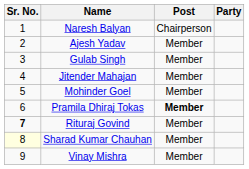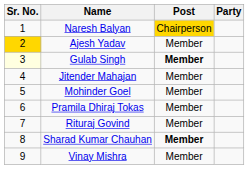 <table class="wikitable sortable">
 <tr>
 <th>Sr. No.</th>
 <th>Name</th>
 <th>Post</th>
 <th colspan="2">Party</th>
 </tr>
 <tr align="center">
 <td>1</td>
 <td><a href='#'>Naresh Balyan</a></td>
-<td>Chairperson</td>
+<td style="background: gold;">Chairperson</td>
 <td></td>
 </tr>
 <tr align="center">
-<td>2</td>
+<td style="background: gold;">2</td>
 <td><a href='#'>Ajesh Yadav</a></td>
 <td>Member</td>
 <td></td>
 </tr>
 <tr align="center">
-<td>3</td>
+<td style="background: lightyellow;">3</td>
 <td><a href='#'>Gulab Singh</a></td>
-<td>Member</td>
+<td><strong>Member</strong></td>
 <td></td>
 </tr>
 <tr align="center">
 <td>4</td>
 <td><a href='#'>Jitender Mahajan</a></td>
 <td>Member</td>
 <td></td>
 </tr>
 <tr align="center">
 <td>5</td>
 <td><a href='#'>Mohinder Goel</a></td>
 <td>Member</td>
 <td></td>
 </tr>
 <tr align="center">
 <td>6</td>
 <td><a href='#'>Pramila Dhiraj Tokas</a></td>
-<td><strong>Member</strong></td>
+<td>Member</td>
 <td></td>
 </tr>
 <tr align="center">
-<td><strong>7</strong></td>
+<td>7</td>
 <td><a href='#'>Rituraj Govind</a></td>
 <td>Member</td>
 <td></td>
 </tr>
 <tr align="center">
-<td style="background: lightyellow;">8</td>
+<td>8</td>
 <td><a href='#'>Sharad Kumar Chauhan</a></td>
-<td>Member</td>
+<td><strong>Member</strong></td>
 <td></td>
 </tr>
 <tr align="center">
 <td>9</td>
 <td><a href='#'>Vinay Mishra</a></td>
 <td>Member</td>
 <td></td>
 </tr>
 </table>
